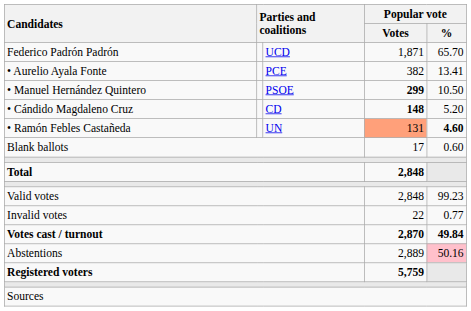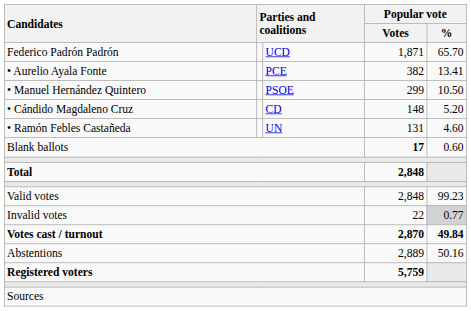 <table class="wikitable" style="text-align:right; font-size:95%;">
 <tr>
 <th style="text-align:left;" rowspan="2" width="325">Candidates</th>
 <th style="text-align:left;" rowspan="2" colspan="2" width="175">Parties and coalitions</th>
 <th colspan="2">Popular vote</th>
 </tr>
 <tr>
 <th width="75">Votes</th>
 <th width="45">%</th>
 </tr>
 <tr>
 <td align="left"> Federico Padrón Padrón</td>
 <td width="1" style="color:inherit;background:"></td>
 <td align="left"><a href='#'>UCD</a></td>
 <td>1,871</td>
 <td>65.70</td>
 </tr>
 <tr>
 <td align="left">• Aurelio Ayala Fonte</td>
 <td style="color:inherit;background:"></td>
 <td align="left"><a href='#'>PCE</a></td>
 <td>382</td>
 <td>13.41</td>
 </tr>
 <tr>
 <td align="left">• Manuel Hernández Quintero</td>
 <td style="color:inherit;background:"></td>
 <td align="left"><a href='#'>PSOE</a></td>
-<td><strong>299</strong></td>
+<td>299</td>
 <td>10.50</td>
 </tr>
 <tr>
 <td align="left">• Cándido Magdaleno Cruz</td>
 <td style="color:inherit;background:"></td>
 <td align="left"><a href='#'>CD</a></td>
-<td><strong>148</strong></td>
+<td>148</td>
 <td>5.20</td>
 </tr>
 <tr>
 <td align="left">• Ramón Febles Castañeda</td>
 <td style="color:inherit;background:"></td>
 <td align="left"><a href='#'>UN</a></td>
-<td style="background: lightsalmon;">131</td>
-<td><strong>4.60</strong></td>
+<td>131</td>
+<td>4.60</td>
 </tr>
 <tr>
 <td align="left" colspan="3">Blank ballots</td>
-<td>17</td>
+<td><strong>17</strong></td>
 <td>0.60</td>
 </tr>
 <tr>
 <td colspan="5" bgcolor="#E9E9E9"></td>
 </tr>
 <tr style="font-weight:bold;">
 <td align="left" colspan="3">Total</td>
 <td>2,848</td>
 <td bgcolor="#E9E9E9"></td>
 </tr>
 <tr>
 <td colspan="5" bgcolor="#E9E9E9"></td>
 </tr>
 <tr>
 <td align="left" colspan="3">Valid votes</td>
 <td>2,848</td>
 <td>99.23</td>
 </tr>
 <tr>
 <td align="left" colspan="3">Invalid votes</td>
 <td>22</td>
-<td>0.77</td>
+<td style="background: lightgrey;">0.77</td>
 </tr>
 <tr style="font-weight:bold;">
 <td align="left" colspan="3">Votes cast / turnout</td>
 <td>2,870</td>
 <td>49.84</td>
 </tr>
 <tr>
 <td align="left" colspan="3">Abstentions</td>
 <td>2,889</td>
-<td style="background: pink;">50.16</td>
+<td>50.16</td>
 </tr>
 <tr style="font-weight:bold;">
 <td align="left" colspan="3">Registered voters</td>
 <td>5,759</td>
 <td bgcolor="#E9E9E9"></td>
 </tr>
 <tr>
 <td colspan="5" bgcolor="#E9E9E9"></td>
 </tr>
 <tr>
 <td align="left" colspan="5">Sources</td>
 </tr>
 </table>
